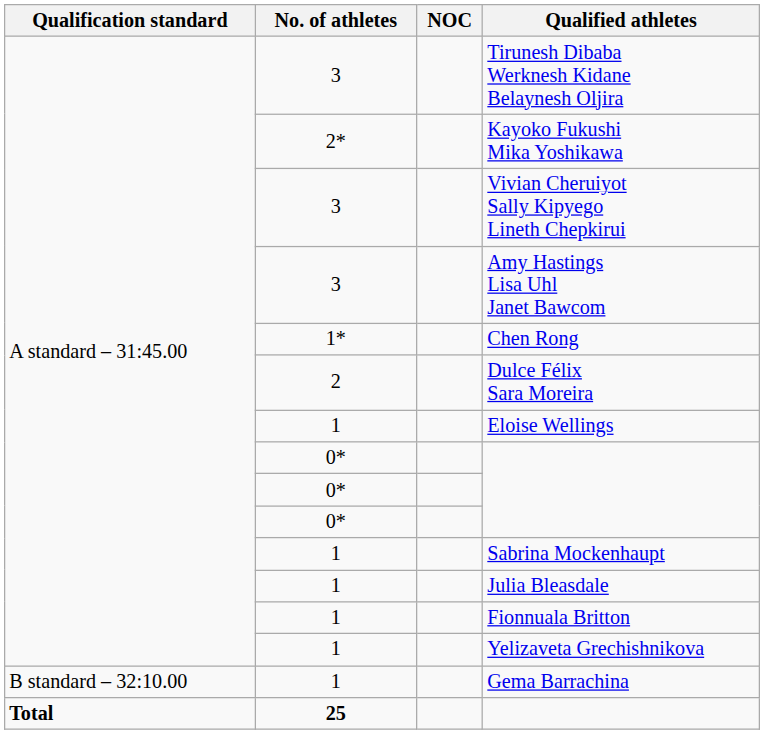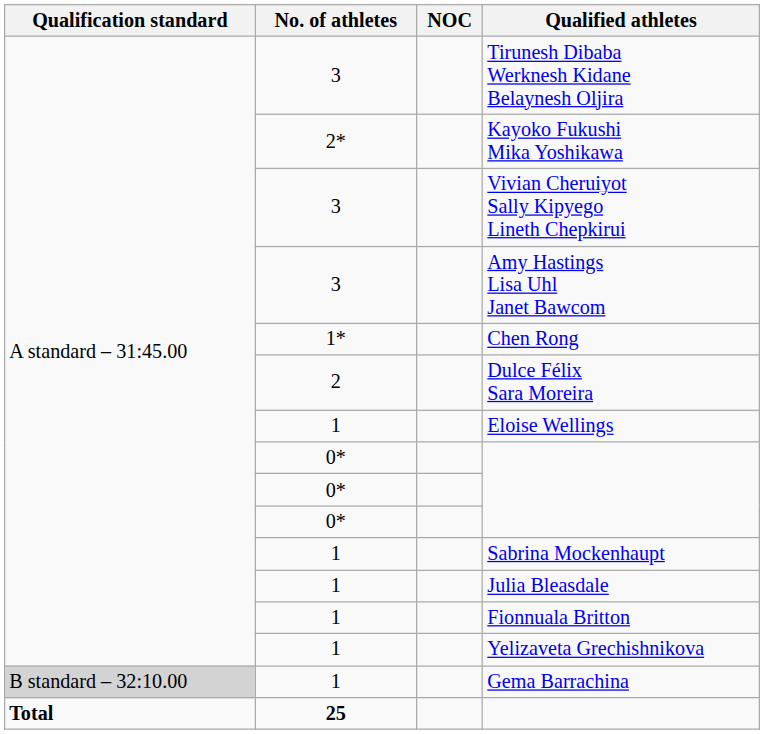 <table class="wikitable"  style="text-align:left; width:600px;">
 <tr>
 <th>Qualification standard</th>
 <th>No. of athletes</th>
 <th>NOC</th>
 <th>Qualified athletes</th>
 </tr>
 <tr>
 <td rowspan="14">A standard – 31:45.00</td>
 <td align=center>3</td>
 <td></td>
 <td><a href='#'>Tirunesh Dibaba</a> <br> <a href='#'>Werknesh Kidane</a> <br> <a href='#'>Belaynesh Oljira</a></td>
 </tr>
 <tr>
 <td align=center>2*</td>
 <td></td>
 <td><a href='#'>Kayoko Fukushi</a> <br> <a href='#'>Mika Yoshikawa</a></td>
 </tr>
 <tr>
 <td align=center>3</td>
 <td></td>
 <td><a href='#'>Vivian Cheruiyot</a> <br> <a href='#'>Sally Kipyego</a> <br> <a href='#'>Lineth Chepkirui</a></td>
 </tr>
 <tr>
 <td align=center>3</td>
 <td></td>
 <td><a href='#'>Amy Hastings</a><br><a href='#'>Lisa Uhl</a><br><a href='#'>Janet Bawcom</a></td>
 </tr>
 <tr>
 <td align=center>1*</td>
 <td></td>
 <td><a href='#'>Chen Rong</a></td>
 </tr>
 <tr>
 <td align=center>2</td>
 <td></td>
 <td><a href='#'>Dulce Félix</a> <br> <a href='#'>Sara Moreira</a></td>
 </tr>
 <tr>
 <td align=center>1</td>
 <td></td>
 <td><a href='#'>Eloise Wellings</a></td>
 </tr>
 <tr>
 <td align=center>0*</td>
 <td></td>
 </tr>
 <tr>
 <td align=center>0*</td>
 <td> </td>
 </tr>
 <tr>
 <td align=center>0*</td>
 <td></td>
 </tr>
 <tr>
 <td align=center>1</td>
 <td></td>
 <td><a href='#'>Sabrina Mockenhaupt</a></td>
 </tr>
 <tr>
 <td align=center>1</td>
 <td></td>
 <td><a href='#'>Julia Bleasdale</a></td>
 </tr>
 <tr>
 <td align=center>1</td>
 <td></td>
 <td><a href='#'>Fionnuala Britton</a></td>
 </tr>
 <tr>
 <td align=center>1</td>
 <td></td>
 <td><a href='#'>Yelizaveta Grechishnikova</a></td>
 </tr>
 <tr>
-<td>B standard – 32:10.00</td>
+<td style="background: lightgrey;">B standard – 32:10.00</td>
 <td align=center>1</td>
 <td></td>
 <td><a href='#'>Gema Barrachina</a></td>
 </tr>
 <tr>
 <td><strong>Total</strong></td>
 <td align=center><strong>25</strong></td>
 <td></td>
 <td></td>
 </tr>
 </table>
